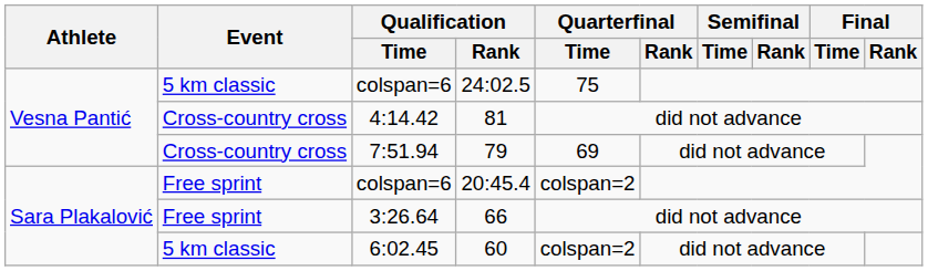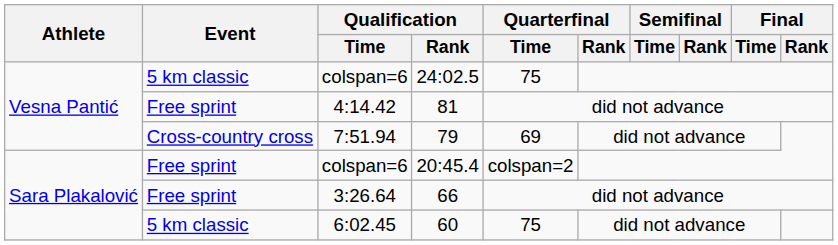 <table class="wikitable" style="font-size:90%">
 <tr>
 <th rowspan="2">Athlete</th>
 <th rowspan="2">Event</th>
 <th colspan="2">Qualification</th>
 <th colspan="2">Quarterfinal</th>
 <th colspan="2">Semifinal</th>
 <th colspan="2">Final</th>
 </tr>
 <tr style="font-size:95%">
 <th>Time</th>
 <th>Rank</th>
 <th>Time</th>
 <th>Rank</th>
 <th>Time</th>
 <th>Rank</th>
 <th>Time</th>
 <th>Rank</th>
 </tr>
 <tr align=center>
 <td align=left rowspan=3><a href='#'>Vesna Pantić</a></td>
 <td align=left><a href='#'>5 km classic</a></td>
 <td>colspan=6 </td>
 <td>24:02.5</td>
 <td>75</td>
 </tr>
 <tr align=center>
-<td align=left><a href='#'>Cross-country cross</a></td>
+<td align=left><a href='#'>Free sprint</a></td>
 <td>4:14.42</td>
 <td>81</td>
 <td colspan=6>did not advance</td>
 </tr>
 <tr align=center>
 <td align=left><a href='#'>Cross-country cross</a></td>
 <td>7:51.94</td>
 <td>79</td>
 <td>69</td>
 <td colspan=4>did not advance</td>
 </tr>
 <tr align=center>
 <td align=left rowspan=3><a href='#'>Sara Plakalović</a></td>
 <td align=left><a href='#'>Free sprint</a></td>
 <td>colspan=6 </td>
 <td>20:45.4</td>
 <td>colspan=2 </td>
 </tr>
 <tr align=center>
 <td align=left><a href='#'>Free sprint</a></td>
 <td>3:26.64</td>
 <td>66</td>
 <td colspan=6>did not advance</td>
 </tr>
 <tr align=center>
 <td align=left><a href='#'>5 km classic</a></td>
 <td>6:02.45</td>
 <td>60</td>
-<td>colspan=2 </td>
+<td>75</td>
 <td colspan=4>did not advance</td>
 </tr>
 </table>
